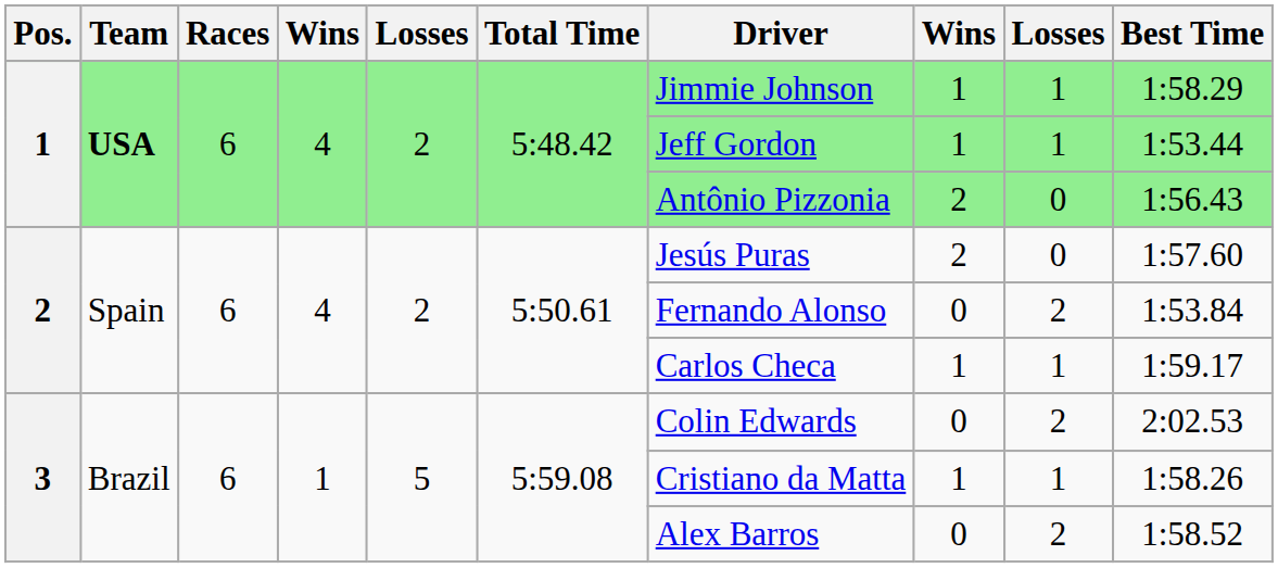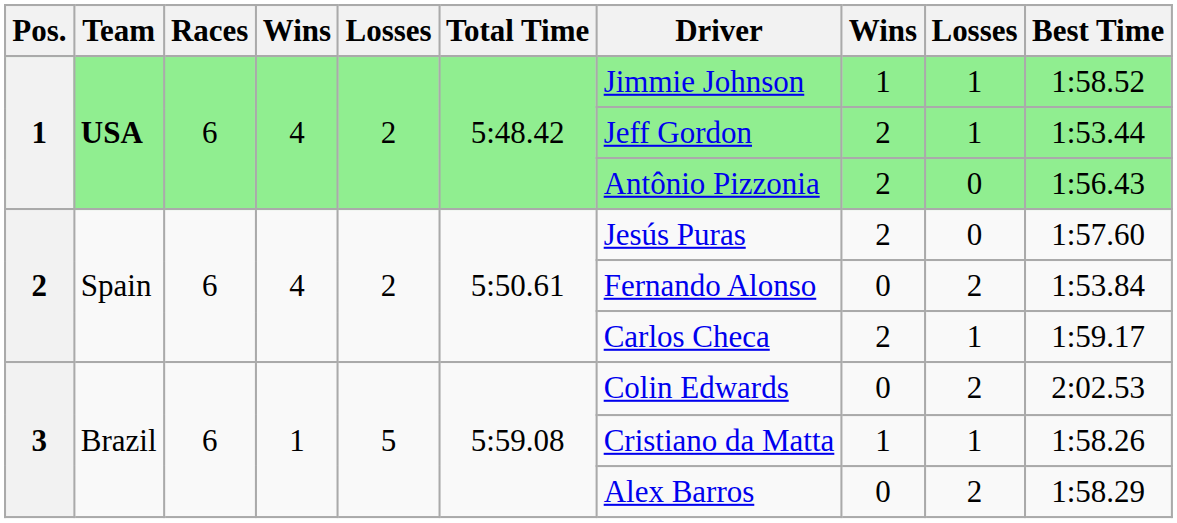 <table class="wikitable" style="font-size: 95%;">
 <tr>
 <th>Pos.</th>
 <th>Team</th>
 <th>Races</th>
 <th>Wins</th>
 <th>Losses</th>
 <th>Total Time</th>
 <th>Driver</th>
 <th>Wins</th>
 <th>Losses</th>
 <th>Best Time</th>
 </tr>
 <tr style="background:lightgreen;">
 <th rowspan=3>1</th>
 <td rowspan=3> <strong>USA</strong></td>
 <td rowspan=3 align=center>6</td>
 <td rowspan=3 align=center>4</td>
 <td rowspan=3 align=center>2</td>
 <td rowspan=3 align=center>5:48.42</td>
 <td> <a href='#'>Jimmie Johnson</a></td>
 <td align=center>1</td>
 <td align=center>1</td>
-<td align=center>1:58.29</td>
+<td align=center>1:58.52</td>
 </tr>
 <tr style="background:lightgreen;">
 <td> <a href='#'>Jeff Gordon</a></td>
-<td align=center>1</td>
+<td align=center>2</td>
 <td align=center>1</td>
 <td align=center>1:53.44</td>
 </tr>
 <tr style="background:lightgreen;">
 <td> <a href='#'>Antônio Pizzonia</a></td>
 <td align=center>2</td>
 <td align=center>0</td>
 <td align=center>1:56.43</td>
 </tr>
 <tr>
 <th rowspan=3>2</th>
 <td rowspan=3>  Spain</td>
 <td rowspan=3 align=center>6</td>
 <td rowspan=3 align=center>4</td>
 <td rowspan=3 align=center>2</td>
 <td rowspan=3 align=center>5:50.61</td>
 <td> <a href='#'>Jesús Puras</a></td>
 <td align=center>2</td>
 <td align=center>0</td>
 <td align=center>1:57.60</td>
 </tr>
 <tr>
 <td> <a href='#'>Fernando Alonso</a></td>
 <td align=center>0</td>
 <td align=center>2</td>
 <td align=center>1:53.84</td>
 </tr>
 <tr>
 <td> <a href='#'>Carlos Checa</a></td>
-<td align=center>1</td>
+<td align=center>2</td>
 <td align=center>1</td>
 <td align=center>1:59.17</td>
 </tr>
 <tr>
 <th rowspan=3>3</th>
 <td rowspan=3> Brazil</td>
 <td rowspan=3 align=center>6</td>
 <td rowspan=3 align=center>1</td>
 <td rowspan=3 align=center>5</td>
 <td rowspan=3 align=center>5:59.08</td>
 <td> <a href='#'>Colin Edwards</a></td>
 <td align=center>0</td>
 <td align=center>2</td>
 <td align=center>2:02.53</td>
 </tr>
 <tr>
 <td> <a href='#'>Cristiano da Matta</a></td>
 <td align=center>1</td>
 <td align=center>1</td>
 <td align=center>1:58.26</td>
 </tr>
 <tr>
 <td> <a href='#'>Alex Barros</a></td>
 <td align=center>0</td>
 <td align=center>2</td>
-<td align=center>1:58.52</td>
+<td align=center>1:58.29</td>
 </tr>
 </table>
